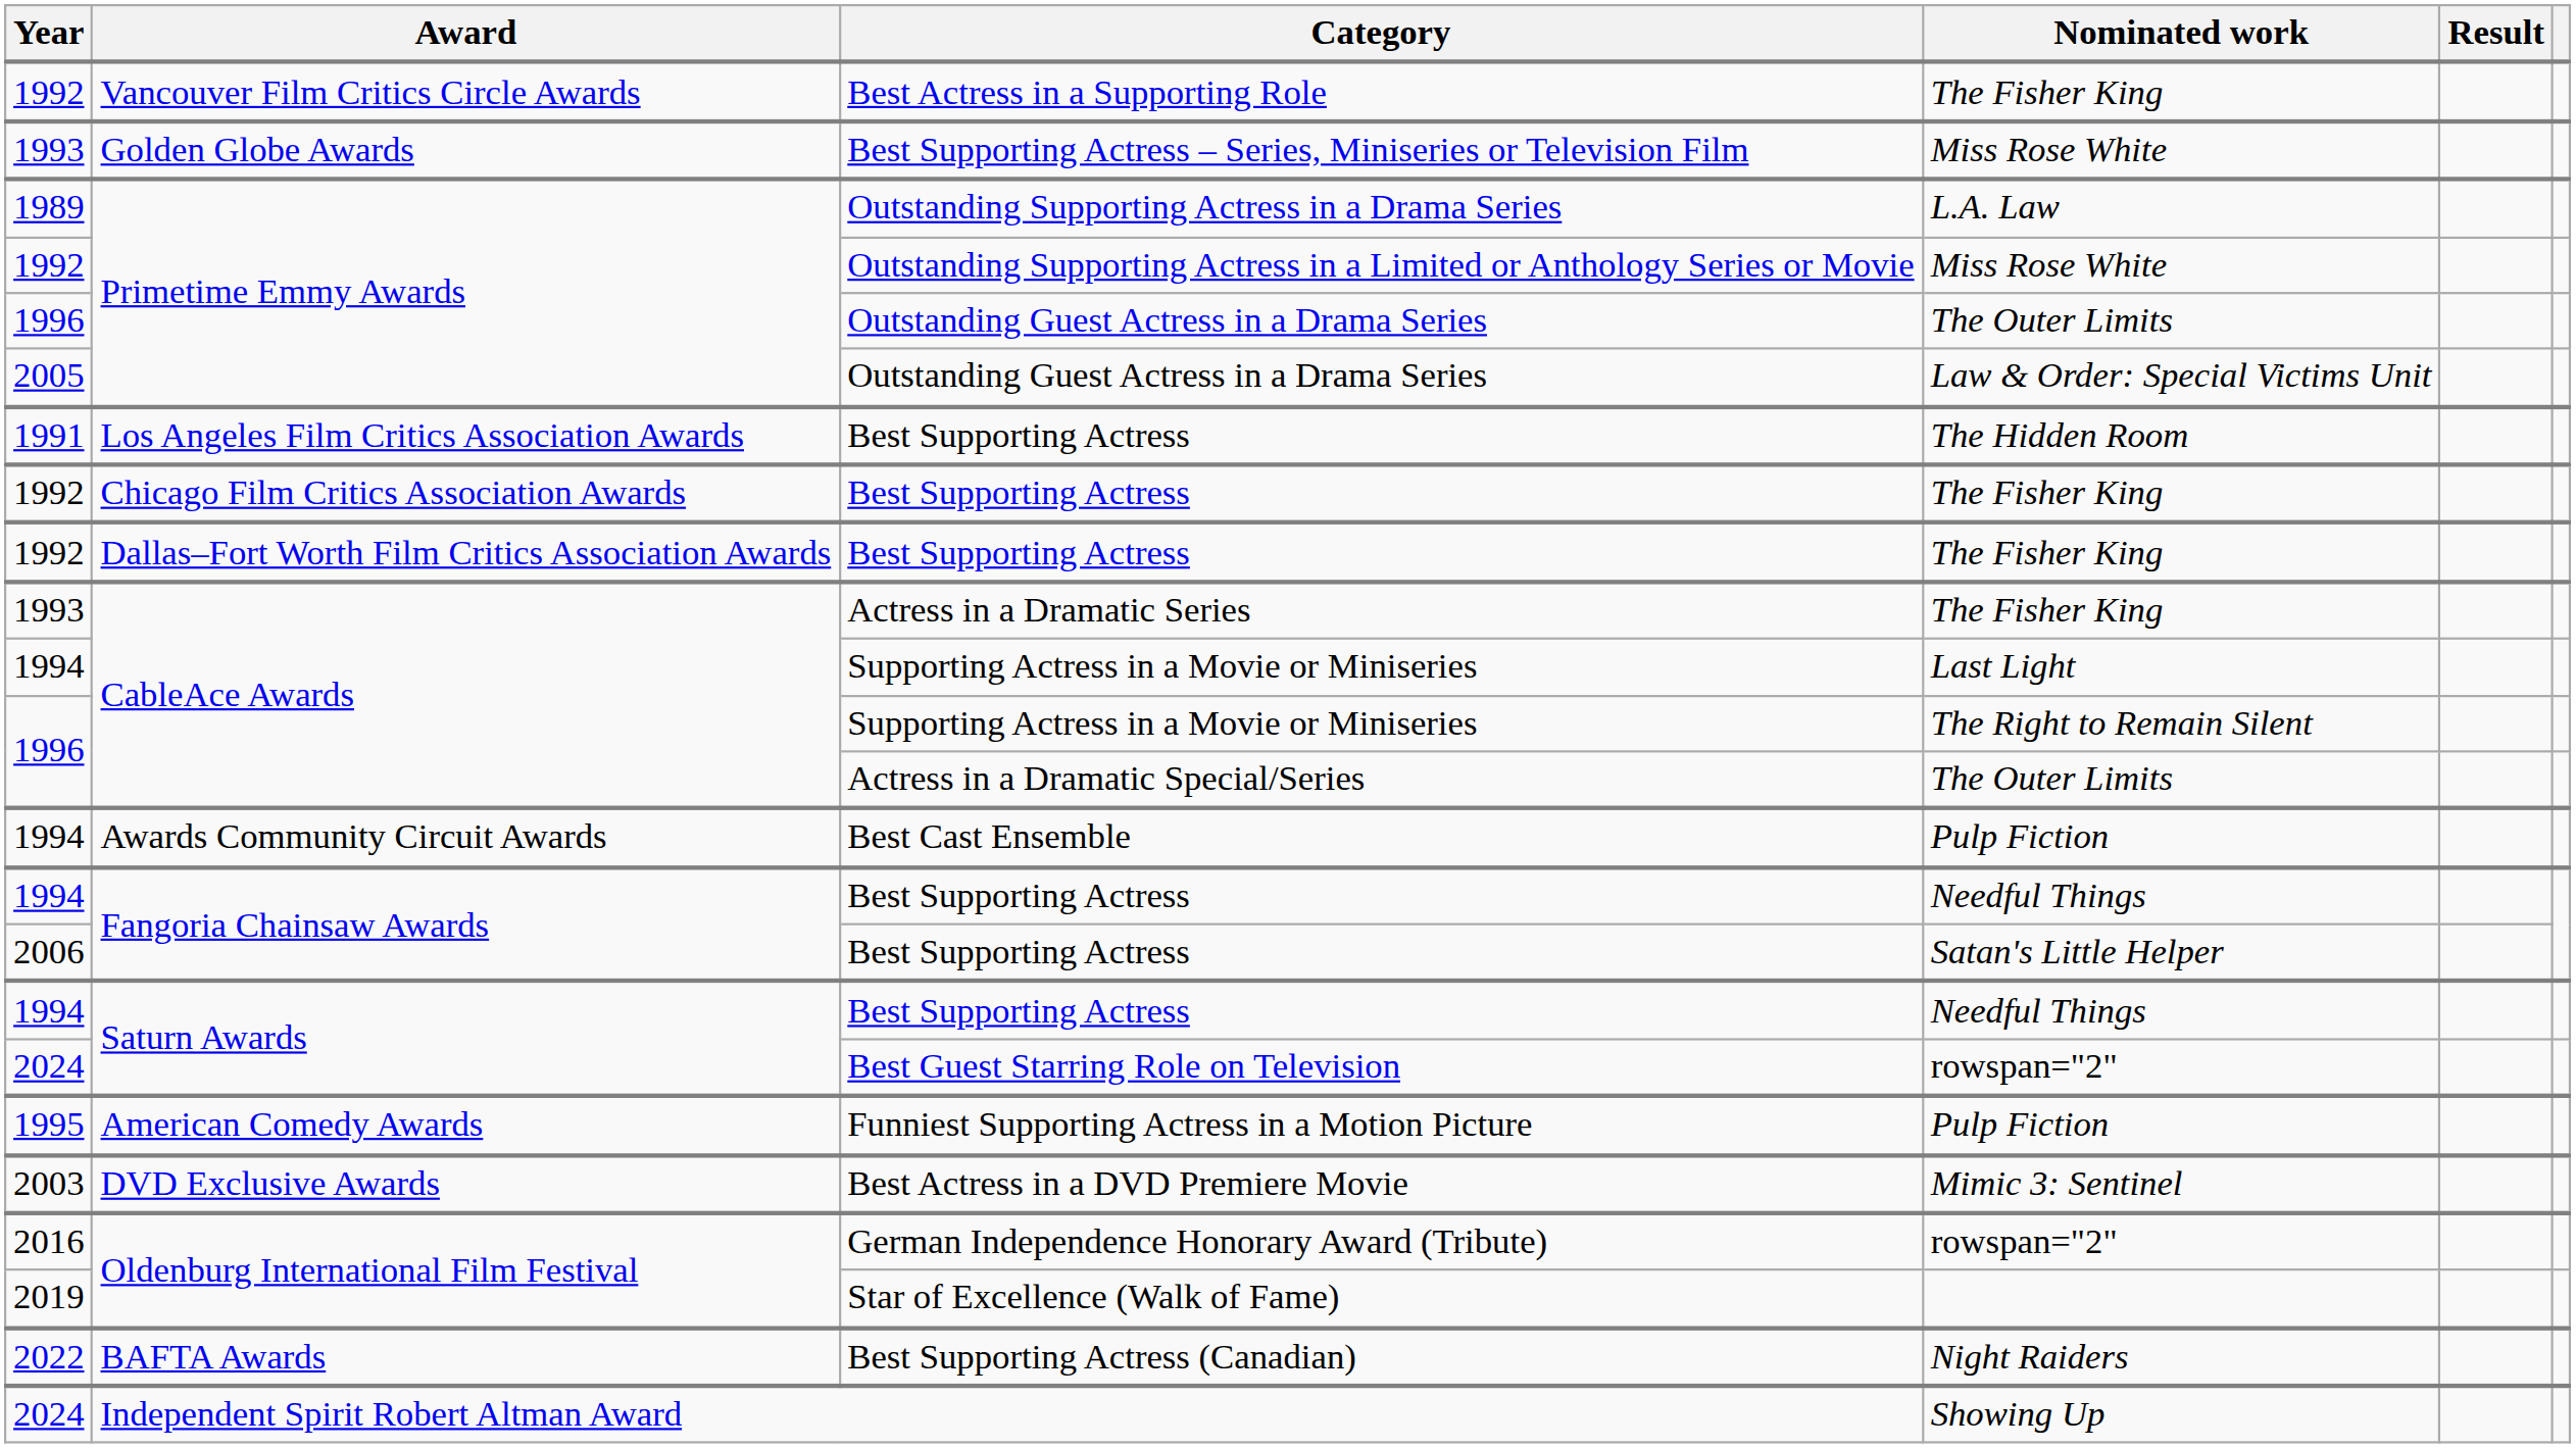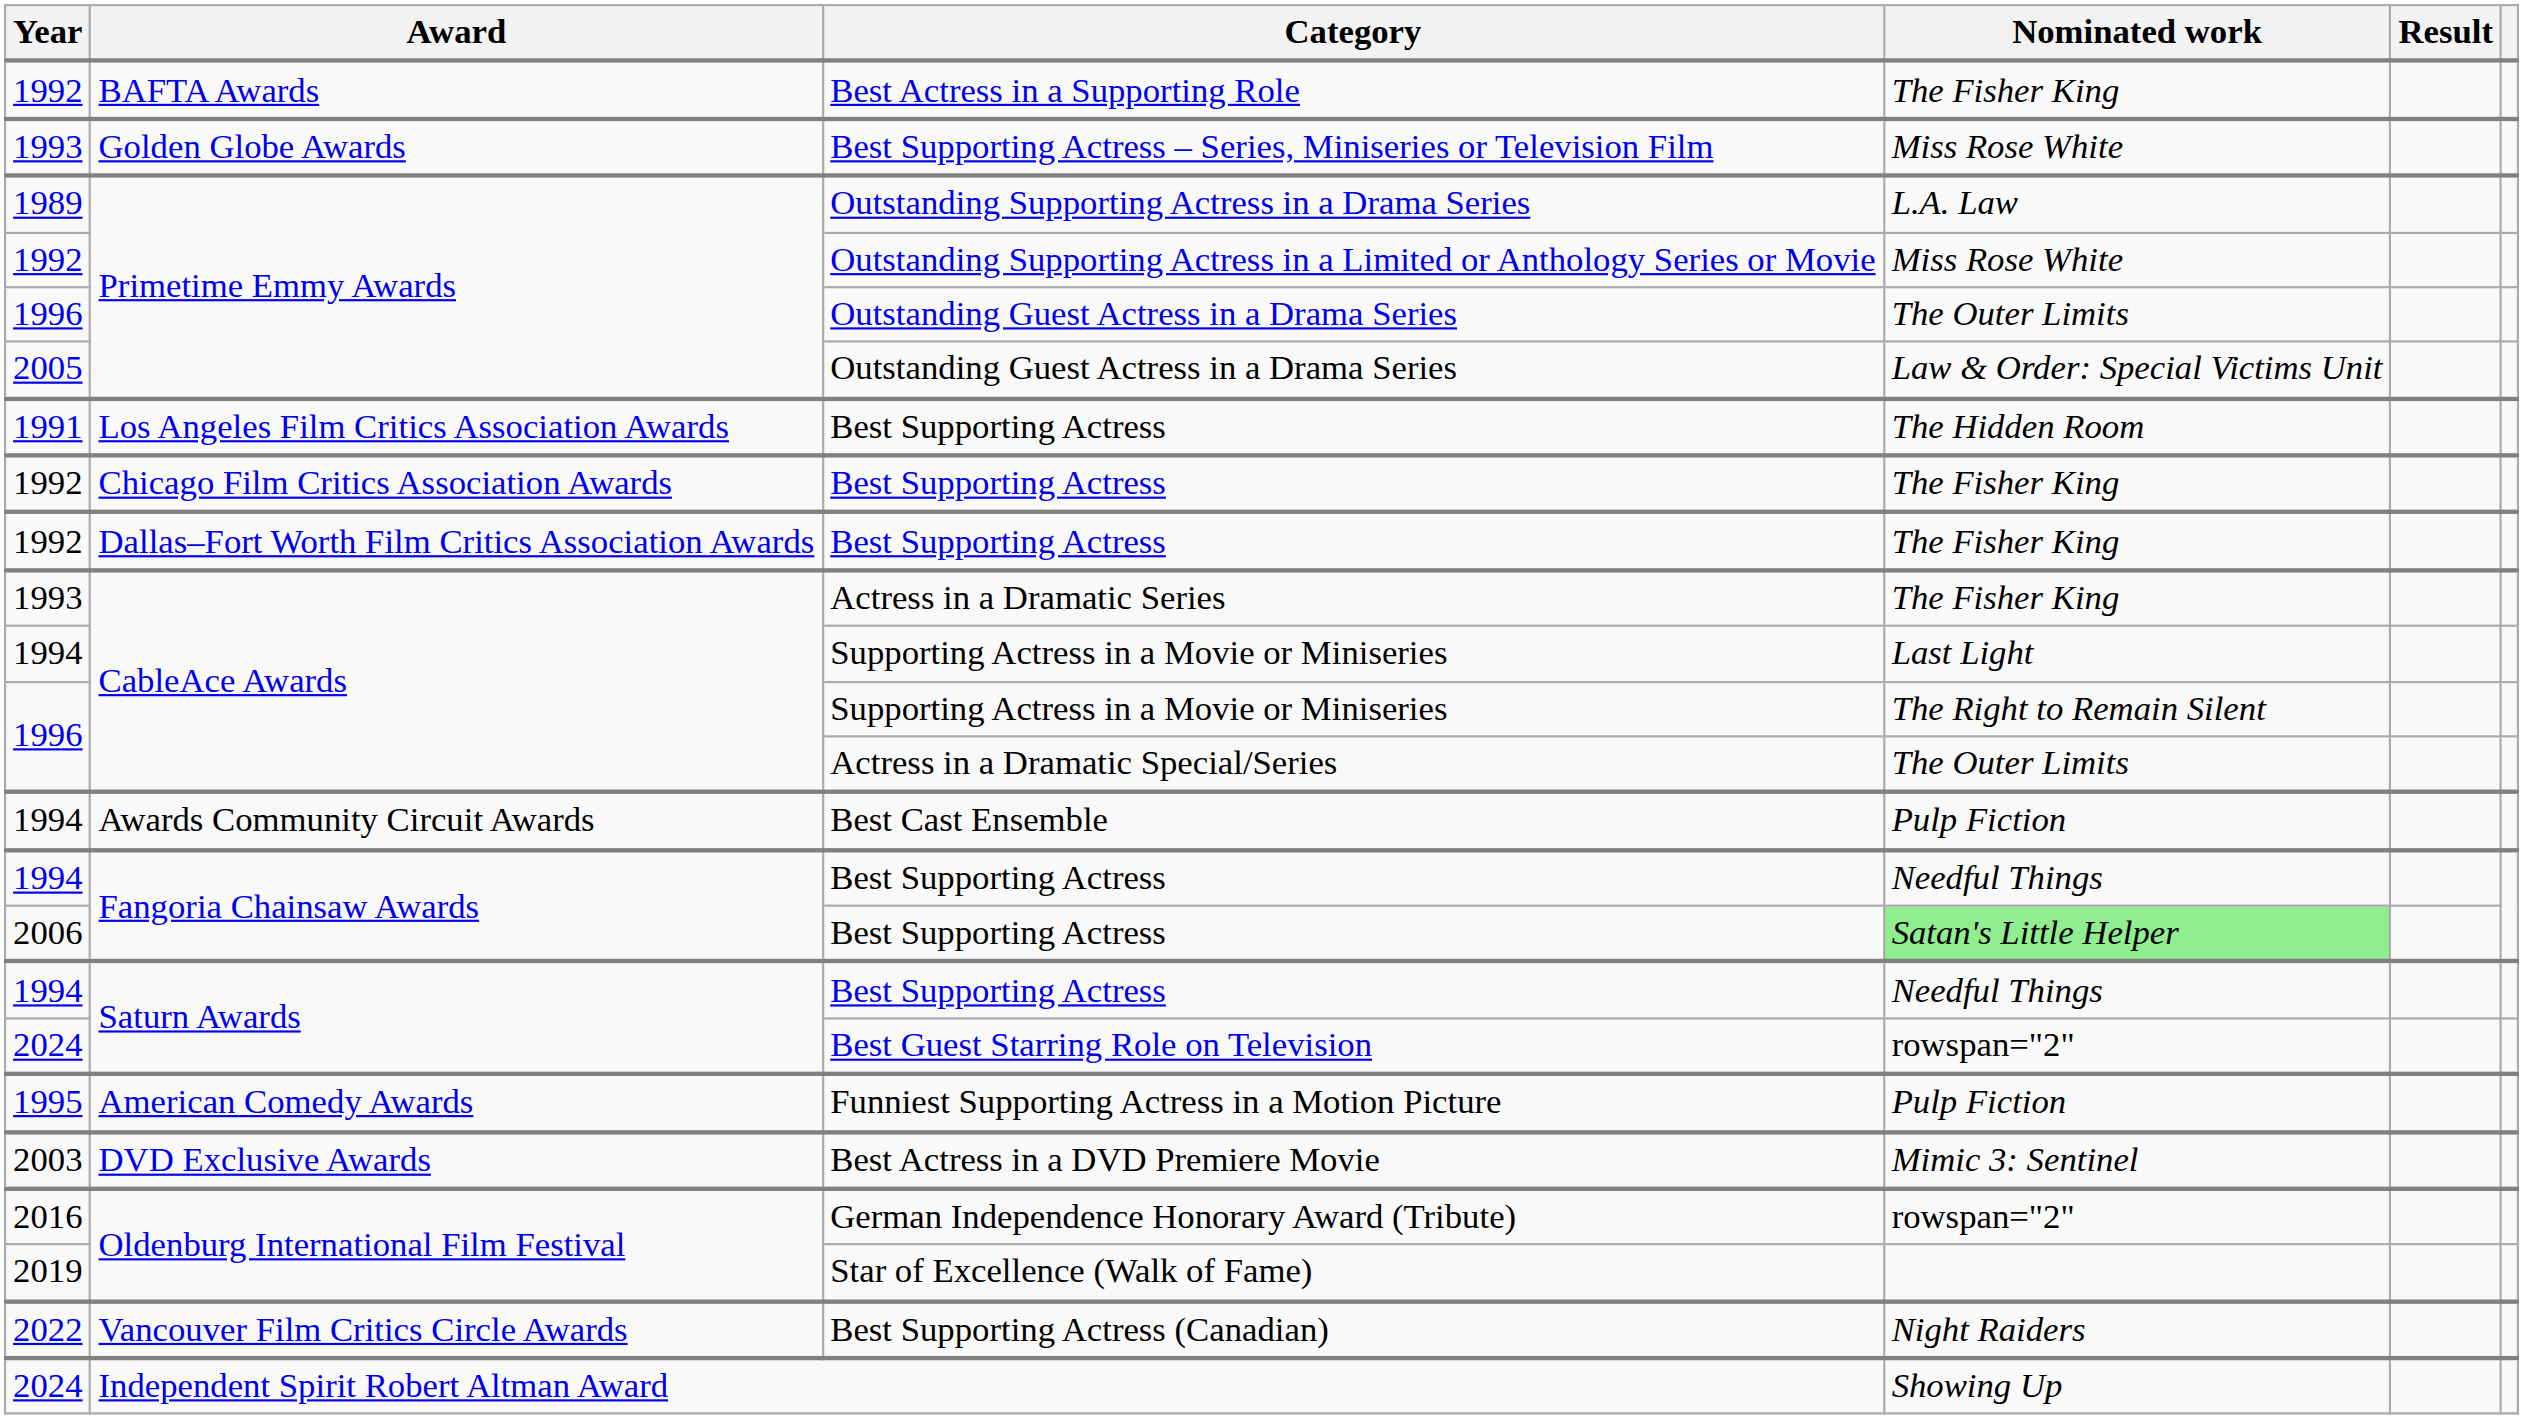 <table class="wikitable">
 <tr>
 <th>Year</th>
 <th>Award</th>
 <th>Category</th>
 <th>Nominated work</th>
 <th>Result</th>
 <th></th>
 </tr>
 <tr style="border-top:2px solid gray;">
 <td><a href='#'>1992</a></td>
-<td><a href='#'>Vancouver Film Critics Circle Awards</a></td>
+<td><a href='#'>BAFTA Awards</a></td>
 <td><a href='#'>Best Actress in a Supporting Role</a></td>
 <td><em>The Fisher King</em></td>
 <td></td>
 <td align="center"></td>
 </tr>
 <tr style="border-top:2px solid gray;">
 <td><a href='#'>1993</a></td>
 <td><a href='#'>Golden Globe Awards</a></td>
 <td><a href='#'>Best Supporting Actress – Series, Miniseries or Television Film</a></td>
 <td><em>Miss Rose White</em></td>
 <td></td>
 <td align="center"></td>
 </tr>
 <tr style="border-top:2px solid gray;">
 <td><a href='#'>1989</a></td>
 <td rowspan="4"><a href='#'>Primetime Emmy Awards</a></td>
 <td><a href='#'>Outstanding Supporting Actress in a Drama Series</a></td>
 <td><em>L.A. Law</em></td>
 <td></td>
 <td align="center"></td>
 </tr>
 <tr>
 <td><a href='#'>1992</a></td>
 <td><a href='#'>Outstanding Supporting Actress in a Limited or Anthology Series or Movie</a></td>
 <td><em>Miss Rose White</em></td>
 <td></td>
 <td align="center"></td>
 </tr>
 <tr>
 <td><a href='#'>1996</a></td>
 <td><a href='#'>Outstanding Guest Actress in a Drama Series</a></td>
 <td><em>The Outer Limits</em></td>
 <td></td>
 <td align="center"></td>
 </tr>
 <tr>
 <td><a href='#'>2005</a></td>
 <td>Outstanding Guest Actress in a Drama Series</td>
 <td><em>Law & Order: Special Victims Unit</em></td>
 <td></td>
 <td align="center"></td>
 </tr>
 <tr style="border-top:2px solid gray;">
 <td><a href='#'>1991</a></td>
 <td><a href='#'>Los Angeles Film Critics Association Awards</a></td>
 <td>Best Supporting Actress</td>
 <td><em>The Hidden Room</em></td>
 <td></td>
 <td align="center"></td>
 </tr>
 <tr style="border-top:2px solid gray;">
 <td>1992</td>
 <td><a href='#'>Chicago Film Critics Association Awards</a></td>
 <td><a href='#'>Best Supporting Actress</a></td>
 <td><em>The Fisher King</em></td>
 <td></td>
 <td></td>
 </tr>
 <tr style="border-top:2px solid gray;">
 <td>1992</td>
 <td><a href='#'>Dallas–Fort Worth Film Critics Association Awards</a></td>
 <td><a href='#'>Best Supporting Actress</a></td>
 <td><em>The Fisher King</em></td>
 <td></td>
 <td></td>
 </tr>
 <tr style="border-top:2px solid gray;">
 <td>1993</td>
 <td rowspan="4"><a href='#'>CableAce Awards</a></td>
 <td>Actress in a Dramatic Series</td>
 <td><em>The Fisher King</em></td>
 <td></td>
 <td></td>
 </tr>
 <tr>
 <td>1994</td>
 <td>Supporting Actress in a Movie or Miniseries</td>
 <td><em>Last Light</em></td>
 <td></td>
 <td align="center"></td>
 </tr>
 <tr>
 <td rowspan="2"><a href='#'>1996</a></td>
 <td>Supporting Actress in a Movie or Miniseries</td>
 <td><em>The Right to Remain Silent</em></td>
 <td></td>
 <td align="center"></td>
 </tr>
 <tr>
 <td>Actress in a Dramatic Special/Series</td>
 <td><em>The Outer Limits</em></td>
 <td></td>
 <td></td>
 </tr>
 <tr style="border-top:2px solid gray;">
 <td>1994</td>
 <td>Awards Community Circuit Awards</td>
 <td>Best Cast Ensemble</td>
 <td><em>Pulp Fiction</em></td>
 <td></td>
 <td align="center"></td>
 </tr>
 <tr style="border-top:2px solid gray;">
 <td><a href='#'>1994</a></td>
 <td rowspan="2"><a href='#'>Fangoria Chainsaw Awards</a></td>
 <td>Best Supporting Actress</td>
 <td><em>Needful Things</em></td>
 <td></td>
 <td align="center" rowspan="2"></td>
 </tr>
 <tr>
 <td>2006</td>
 <td>Best Supporting Actress</td>
-<td><em>Satan's Little Helper</em></td>
+<td style="background: lightgreen;"><em>Satan's Little Helper</em></td>
 <td></td>
 </tr>
 <tr style="border-top:2px solid gray;">
 <td><a href='#'>1994</a></td>
 <td rowspan="2"><a href='#'>Saturn Awards</a></td>
 <td><a href='#'>Best Supporting Actress</a></td>
 <td><em>Needful Things</em></td>
 <td></td>
 <td align="center"></td>
 </tr>
 <tr>
 <td><a href='#'>2024</a></td>
 <td><a href='#'>Best Guest Starring Role on Television</a></td>
 <td>rowspan="2" </td>
 <td></td>
 <td align="center"></td>
 </tr>
 <tr style="border-top:2px solid gray;">
 <td><a href='#'>1995</a></td>
 <td><a href='#'>American Comedy Awards</a></td>
 <td>Funniest Supporting Actress in a Motion Picture</td>
 <td><em>Pulp Fiction</em></td>
 <td></td>
 <td align="center"></td>
 </tr>
 <tr style="border-top:2px solid gray;">
 <td>2003</td>
 <td><a href='#'>DVD Exclusive Awards</a></td>
 <td>Best Actress in a DVD Premiere Movie</td>
 <td><em>Mimic 3: Sentinel</em></td>
 <td></td>
 <td></td>
 </tr>
 <tr style="border-top:2px solid gray;">
 <td>2016</td>
 <td rowspan="2"><a href='#'>Oldenburg International Film Festival</a></td>
 <td>German Independence Honorary Award (Tribute)</td>
 <td>rowspan="2" </td>
 <td></td>
 <td align="center"></td>
 </tr>
 <tr>
 <td>2019</td>
 <td>Star of Excellence (Walk of Fame)</td>
 <td></td>
 <td align="center"></td>
 </tr>
 <tr style="border-top:2px solid gray;">
 <td><a href='#'>2022</a></td>
-<td><a href='#'>BAFTA Awards</a></td>
+<td><a href='#'>Vancouver Film Critics Circle Awards</a></td>
 <td>Best Supporting Actress (Canadian)</td>
 <td><em>Night Raiders</em></td>
 <td></td>
 <td align="center"></td>
 </tr>
 <tr style="border-top:2px solid gray;">
 <td><a href='#'>2024</a></td>
 <td colspan="2"><a href='#'>Independent Spirit Robert Altman Award</a></td>
 <td><em>Showing Up</em></td>
 <td></td>
 <td align="center"></td>
 </tr>
 </table>
